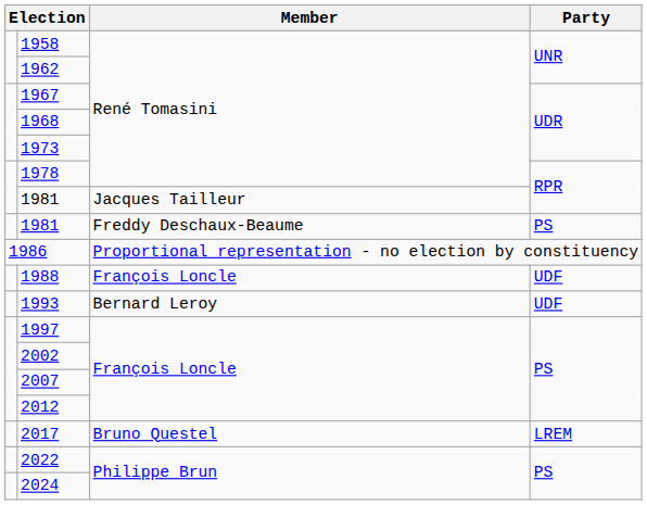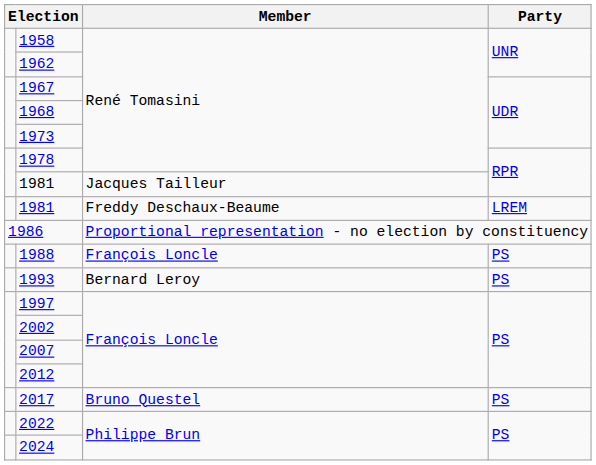 <table class="wikitable">
 <tr>
 <th colspan="2">Election</th>
 <th>Member</th>
 <th>Party</th>
 </tr>
 <tr>
 <td rowspan="2" style="color:inherit;background-color:"></td>
 <td><a href='#'>1958</a></td>
 <td rowspan="6">René Tomasini</td>
 <td rowspan="2"><a href='#'>UNR</a></td>
 </tr>
 <tr>
 <td><a href='#'>1962</a></td>
 </tr>
 <tr>
 <td rowspan="3" style="color:inherit;background-color:"></td>
 <td><a href='#'>1967</a></td>
 <td rowspan="3"><a href='#'>UDR</a></td>
 </tr>
 <tr>
 <td><a href='#'>1968</a></td>
 </tr>
 <tr>
 <td><a href='#'>1973</a></td>
 </tr>
 <tr>
 <td rowspan="2" style="color:inherit;background-color:"></td>
 <td><a href='#'>1978</a></td>
 <td rowspan="2"><a href='#'>RPR</a></td>
 </tr>
 <tr>
 <td>1981</td>
 <td>Jacques Tailleur</td>
 </tr>
 <tr>
 <td style="color:inherit;background-color:"></td>
 <td><a href='#'>1981</a></td>
 <td>Freddy Deschaux-Beaume</td>
-<td><a href='#'>PS</a></td>
+<td><a href='#'>LREM</a></td>
 </tr>
 <tr>
 <td colspan="2"><a href='#'>1986</a></td>
 <td colspan="2"><a href='#'>Proportional representation</a> - no election by constituency</td>
 </tr>
 <tr>
 <td style="color:inherit;background-color:"></td>
 <td><a href='#'>1988</a></td>
 <td><a href='#'>François Loncle</a></td>
-<td><a href='#'>UDF</a></td>
+<td><a href='#'>PS</a></td>
 </tr>
 <tr>
 <td style="color:inherit;background-color:"></td>
 <td><a href='#'>1993</a></td>
 <td>Bernard Leroy</td>
-<td><a href='#'>UDF</a></td>
+<td><a href='#'>PS</a></td>
 </tr>
 <tr>
 <td rowspan="4" style="color:inherit;background-color:"></td>
 <td><a href='#'>1997</a></td>
 <td rowspan="4"><a href='#'>François Loncle</a></td>
 <td rowspan="4"><a href='#'>PS</a></td>
 </tr>
 <tr>
 <td><a href='#'>2002</a></td>
 </tr>
 <tr>
 <td><a href='#'>2007</a></td>
 </tr>
 <tr>
 <td><a href='#'>2012</a></td>
 </tr>
 <tr>
 <td style="color:inherit;background-color: "></td>
 <td><a href='#'>2017</a></td>
 <td><a href='#'>Bruno Questel</a></td>
-<td><a href='#'>LREM</a></td>
+<td><a href='#'>PS</a></td>
 </tr>
 <tr>
 <td style="color:inherit;background-color: "></td>
 <td><a href='#'>2022</a></td>
 <td rowspan="2"><a href='#'>Philippe Brun</a></td>
 <td rowspan="2"><a href='#'>PS</a></td>
 </tr>
 <tr>
 <td style="color:inherit;background-color: "></td>
 <td><a href='#'>2024</a></td>
 </tr>
 </table>
